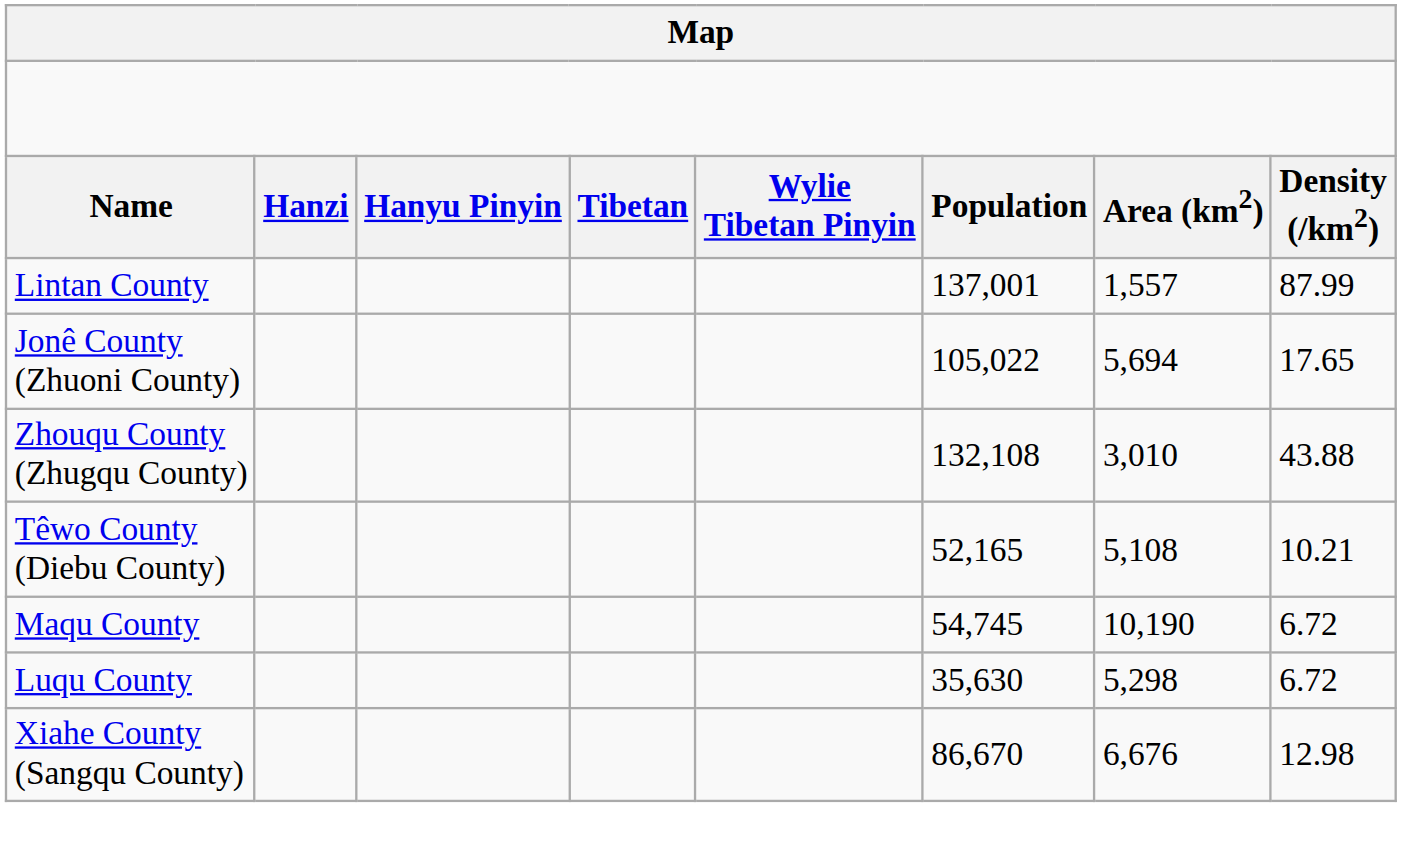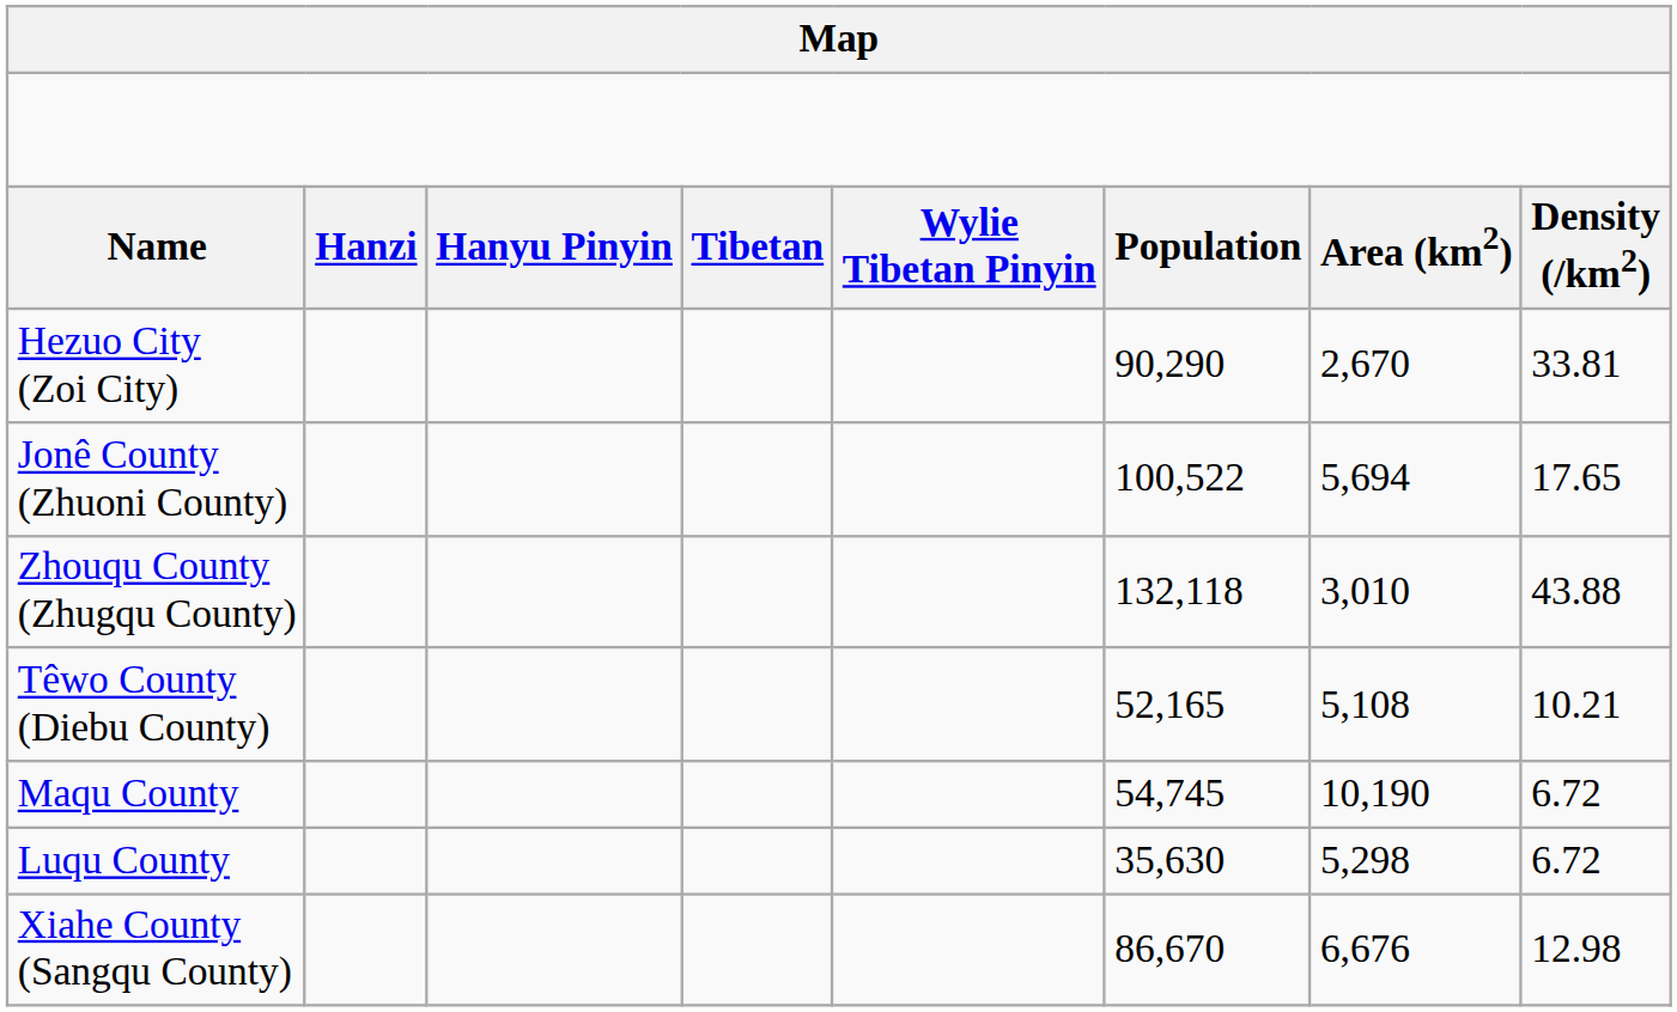 <table class="wikitable" style="font-size:90%; margin:auto;">
 <tr>
 <th colspan="8">Map</th>
 </tr>
 <tr>
 <td colspan="8"><div><br>              </div><br></td>
 </tr>
 <tr>
 <th>Name</th>
 <th><a href='#'>Hanzi</a></th>
 <th><a href='#'>Hanyu Pinyin</a></th>
 <th><a href='#'>Tibetan</a></th>
 <th><a href='#'>Wylie</a><br><a href='#'>Tibetan Pinyin</a></th>
 <th>Population<br></th>
 <th>Area (km<sup>2</sup>)</th>
 <th>Density<br>(/km<sup>2</sup>)</th>
 </tr>
 <tr --------->
-<td><a href='#'>Lintan County</a></td>
+<td><a href='#'>Hezuo City</a><br>(Zoi City)</td>
 <td></td>
 <td></td>
 <td></td>
 <td><br></td>
-<td>137,001</td>
-<td>1,557</td>
-<td>87.99</td>
+<td>90,290</td>
+<td>2,670</td>
+<td>33.81</td>
 </tr>
 <tr --------->
 <td><a href='#'>Jonê County</a><br>(Zhuoni County)</td>
 <td></td>
 <td></td>
 <td></td>
 <td><br></td>
-<td>105,022</td>
+<td>100,522</td>
 <td>5,694</td>
 <td>17.65</td>
 </tr>
 <tr --------->
 <td><a href='#'>Zhouqu County</a><br>(Zhugqu County)</td>
 <td></td>
 <td></td>
 <td></td>
 <td><br></td>
-<td>132,108</td>
+<td>132,118</td>
 <td>3,010</td>
 <td>43.88</td>
 </tr>
 <tr --------->
 <td><a href='#'>Têwo County</a><br>(Diebu County)</td>
 <td></td>
 <td></td>
 <td></td>
 <td><br></td>
 <td>52,165</td>
 <td>5,108</td>
 <td>10.21</td>
 </tr>
 <tr --------->
 <td><a href='#'>Maqu County</a></td>
 <td></td>
 <td></td>
 <td></td>
 <td><br></td>
 <td>54,745</td>
 <td>10,190</td>
 <td>6.72</td>
 </tr>
 <tr --------->
 <td><a href='#'>Luqu County</a></td>
 <td></td>
 <td></td>
 <td></td>
 <td><br></td>
 <td>35,630</td>
 <td>5,298</td>
 <td>6.72</td>
 </tr>
 <tr --------->
 <td><a href='#'>Xiahe County</a><br>(Sangqu County)</td>
 <td></td>
 <td></td>
 <td></td>
 <td><br></td>
 <td>86,670</td>
 <td>6,676</td>
 <td>12.98</td>
 </tr>
 </table>
